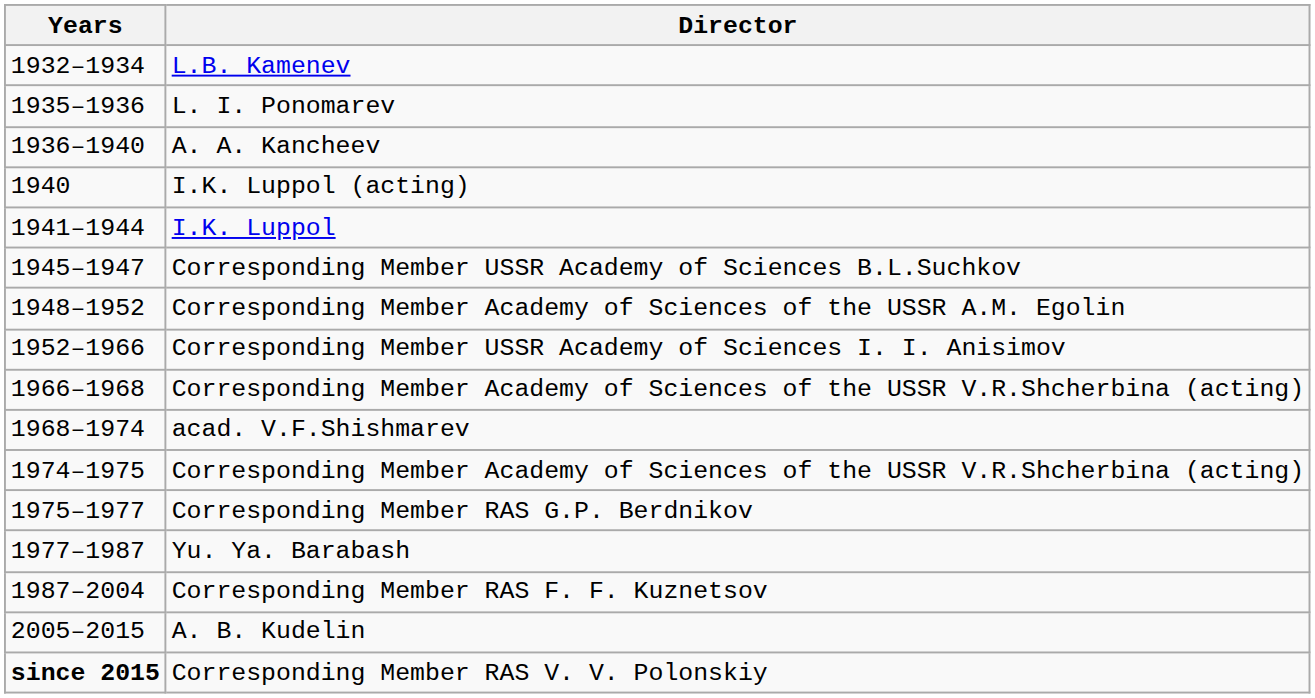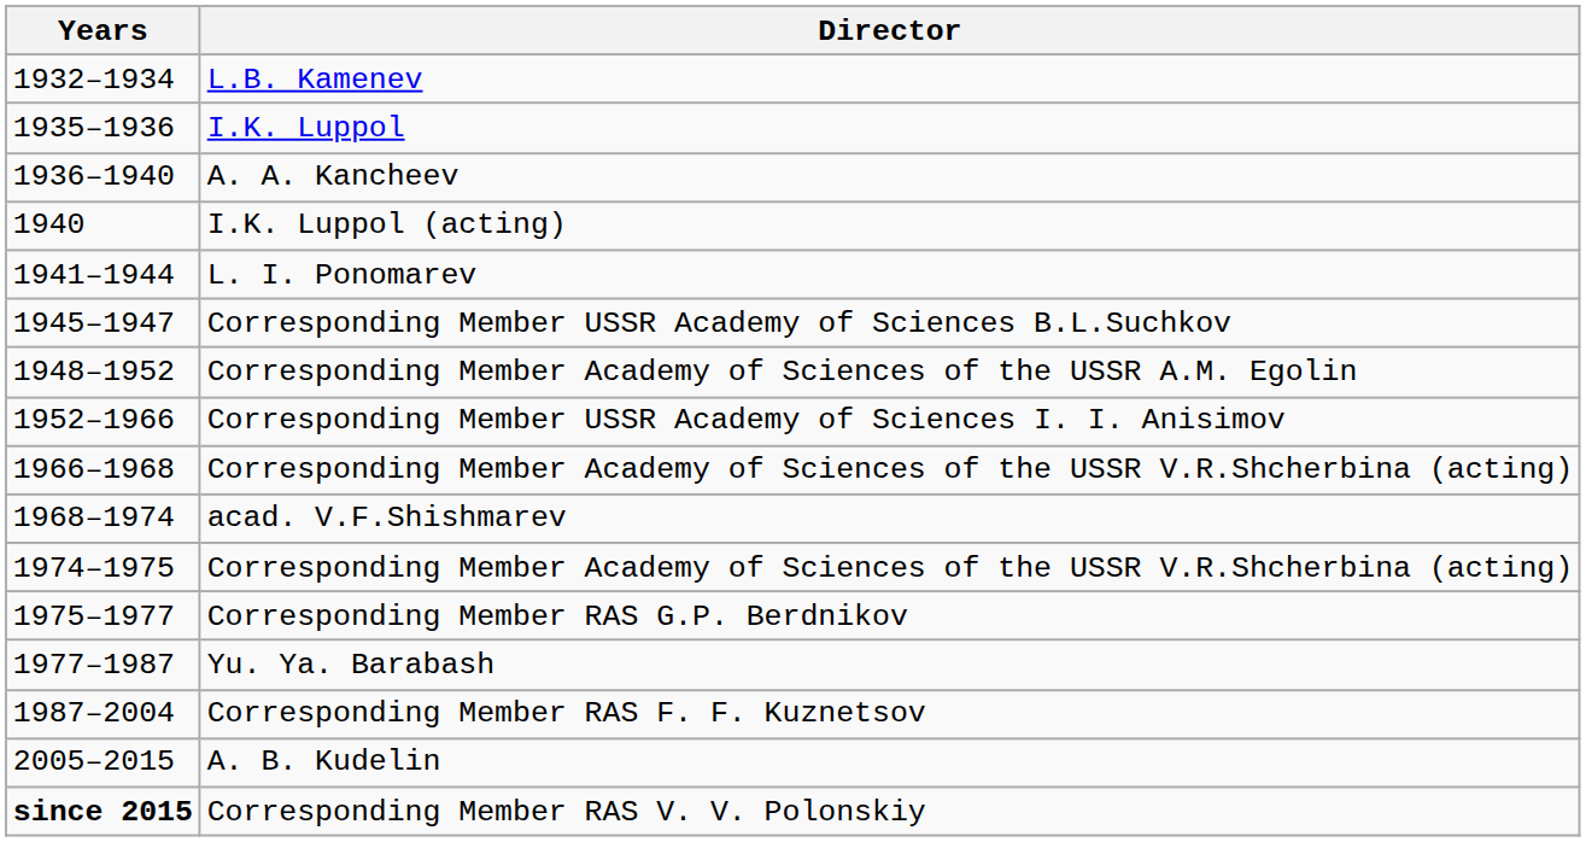 <table class="wikitable">
 <tr>
 <th>Years</th>
 <th>Director</th>
 </tr>
 <tr>
 <td>1932–1934</td>
 <td><a href='#'>L.B. Kamenev</a></td>
 </tr>
 <tr>
 <td>1935–1936</td>
-<td>L. I. Ponomarev</td>
+<td><a href='#'>I.K. Luppol</a></td>
 </tr>
 <tr>
 <td>1936–1940</td>
 <td>A. A. Kancheev</td>
 </tr>
 <tr>
 <td>1940</td>
 <td>I.K. Luppol (acting)</td>
 </tr>
 <tr>
 <td>1941–1944</td>
-<td><a href='#'>I.K. Luppol</a></td>
+<td>L. I. Ponomarev</td>
 </tr>
 <tr>
 <td>1945–1947</td>
 <td>Corresponding Member USSR Academy of Sciences B.L.Suchkov</td>
 </tr>
 <tr>
 <td>1948–1952</td>
 <td>Corresponding Member Academy of Sciences of the USSR A.M. Egolin</td>
 </tr>
 <tr>
 <td>1952–1966</td>
 <td>Corresponding Member USSR Academy of Sciences I. I. Anisimov</td>
 </tr>
 <tr>
 <td>1966–1968</td>
 <td>Corresponding Member Academy of Sciences of the USSR V.R.Shcherbina (acting)</td>
 </tr>
 <tr>
 <td>1968–1974</td>
 <td>acad. V.F.Shishmarev</td>
 </tr>
 <tr>
 <td>1974–1975</td>
 <td>Corresponding Member Academy of Sciences of the USSR V.R.Shcherbina (acting)</td>
 </tr>
 <tr>
 <td>1975–1977</td>
 <td>Corresponding Member RAS G.P. Berdnikov</td>
 </tr>
 <tr>
 <td>1977–1987</td>
 <td>Yu. Ya. Barabash</td>
 </tr>
 <tr>
 <td>1987–2004</td>
 <td>Corresponding Member RAS F. F. Kuznetsov</td>
 </tr>
 <tr>
 <td>2005–2015</td>
 <td>A. B. Kudelin</td>
 </tr>
 <tr>
 <td><strong>since 2015</strong></td>
 <td>Corresponding Member RAS V. V. Polonskiy</td>
 </tr>
 </table>
